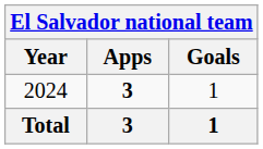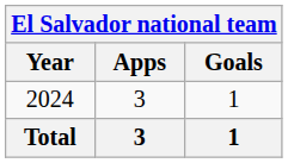 <table class="wikitable" style="text-align:center">
 <tr>
 <th colspan=3><a href='#'>El Salvador national team</a></th>
 </tr>
 <tr>
 <th>Year</th>
 <th>Apps</th>
 <th>Goals</th>
 </tr>
 <tr>
 <td>2024</td>
-<td><strong>3</strong></td>
+<td>3</td>
 <td>1</td>
 </tr>
 <tr>
 <th>Total</th>
 <th>3</th>
 <th>1</th>
 </tr>
 </table>
